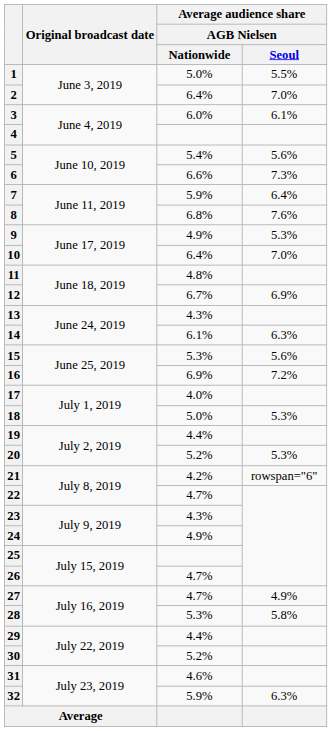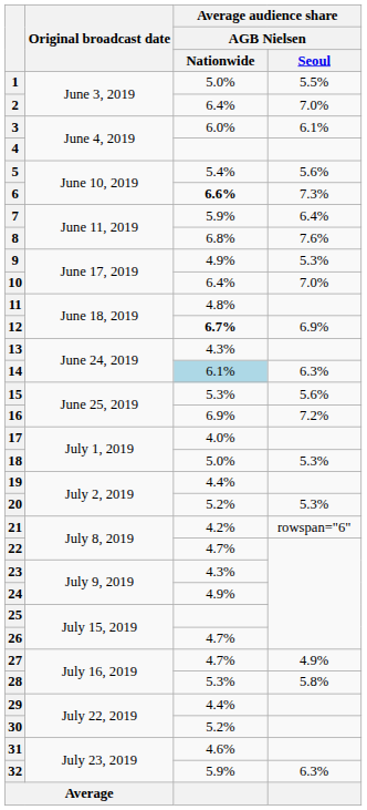 <table class="wikitable" style="text-align:center">
 <tr>
 <th rowspan="3"></th>
 <th rowspan="3">Original broadcast date</th>
 <th colspan="2">Average audience share</th>
 </tr>
 <tr>
 <th colspan="2">AGB Nielsen</th>
 </tr>
 <tr>
 <th width="100">Nationwide</th>
 <th width="100"><a href='#'>Seoul</a></th>
 </tr>
 <tr>
 <th>1</th>
 <td rowspan="2">June 3, 2019</td>
 <td>5.0% </td>
 <td>5.5% </td>
 </tr>
 <tr>
 <th>2</th>
 <td>6.4% </td>
 <td>7.0% </td>
 </tr>
 <tr>
 <th>3</th>
 <td rowspan="2">June 4, 2019</td>
 <td>6.0% </td>
 <td>6.1% </td>
 </tr>
 <tr>
 <th>4</th>
 <td> </td>
 <td> </td>
 </tr>
 <tr>
 <th>5</th>
 <td rowspan="2">June 10, 2019</td>
 <td>5.4% </td>
 <td>5.6% </td>
 </tr>
 <tr>
 <th>6</th>
-<td>6.6% </td>
+<td><strong>6.6% </strong></td>
 <td>7.3% </td>
 </tr>
 <tr>
 <th>7</th>
 <td rowspan="2">June 11, 2019</td>
 <td>5.9% </td>
 <td>6.4% </td>
 </tr>
 <tr>
 <th>8</th>
 <td>6.8% </td>
 <td>7.6% </td>
 </tr>
 <tr>
 <th>9</th>
 <td rowspan="2">June 17, 2019</td>
 <td>4.9% </td>
 <td>5.3% </td>
 </tr>
 <tr>
 <th>10</th>
 <td>6.4% </td>
 <td>7.0% </td>
 </tr>
 <tr>
 <th>11</th>
 <td rowspan="2">June 18, 2019</td>
 <td>4.8% </td>
 <td></td>
 </tr>
 <tr>
 <th>12</th>
-<td>6.7% </td>
+<td><strong>6.7% </strong></td>
 <td>6.9% </td>
 </tr>
 <tr>
 <th>13</th>
 <td rowspan="2">June 24, 2019</td>
 <td>4.3% </td>
 <td></td>
 </tr>
 <tr>
 <th>14</th>
-<td>6.1% </td>
+<td style="background: lightblue;">6.1% </td>
 <td>6.3% </td>
 </tr>
 <tr>
 <th>15</th>
 <td rowspan="2">June 25, 2019</td>
 <td>5.3% </td>
 <td>5.6% </td>
 </tr>
 <tr>
 <th>16</th>
 <td>6.9% </td>
 <td>7.2% </td>
 </tr>
 <tr>
 <th>17</th>
 <td rowspan="2">July 1, 2019</td>
 <td>4.0% </td>
 <td></td>
 </tr>
 <tr>
 <th>18</th>
 <td>5.0% </td>
 <td>5.3% </td>
 </tr>
 <tr>
 <th>19</th>
 <td rowspan="2">July 2, 2019</td>
 <td>4.4% </td>
 <td></td>
 </tr>
 <tr>
 <th>20</th>
 <td>5.2% </td>
 <td>5.3% </td>
 </tr>
 <tr>
 <th>21</th>
 <td rowspan="2">July 8, 2019</td>
 <td>4.2% </td>
 <td>rowspan="6" </td>
 </tr>
 <tr>
 <th>22</th>
 <td>4.7% </td>
 </tr>
 <tr>
 <th>23</th>
 <td rowspan="2">July 9, 2019</td>
 <td>4.3% </td>
 </tr>
 <tr>
 <th>24</th>
 <td>4.9% </td>
 </tr>
 <tr>
 <th>25</th>
 <td rowspan="2">July 15, 2019</td>
 <td> </td>
 </tr>
 <tr>
 <th>26</th>
 <td>4.7% </td>
 </tr>
 <tr>
 <th>27</th>
 <td rowspan="2">July 16, 2019</td>
 <td>4.7% </td>
 <td>4.9% </td>
 </tr>
 <tr>
 <th>28</th>
 <td>5.3% </td>
 <td>5.8% </td>
 </tr>
 <tr>
 <th>29</th>
 <td rowspan="2">July 22, 2019</td>
 <td>4.4% </td>
 <td></td>
 </tr>
 <tr>
 <th>30</th>
 <td>5.2% </td>
 <td></td>
 </tr>
 <tr>
 <th>31</th>
 <td rowspan="2">July 23, 2019</td>
 <td>4.6% </td>
 <td> </td>
 </tr>
 <tr>
 <th>32</th>
 <td>5.9% </td>
 <td>6.3% </td>
 </tr>
 <tr>
 <th colspan="2">Average</th>
 <th></th>
 <th></th>
 </tr>
 </table>
